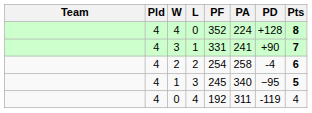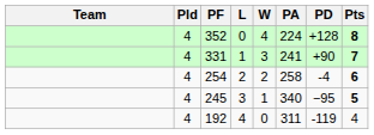 <table class="wikitable" style="text-align:center;">
 <tr>
 <th width=200>Team</th>
 <th width=20>Pld</th>
+<th width=30>PF</th>
+<th width=20>L</th>
 <th width=20>W</th>
-<th width=20>L</th>
-<th width=30>PF</th>
 <th width=30>PA</th>
 <th width=30>PD</th>
 <th width=20>Pts</th>
 </tr>
 <tr bgcolor=ccffcc>
 <td align=left></td>
 <td>4</td>
+<td>352</td>
+<td>0</td>
 <td>4</td>
-<td>0</td>
-<td>352</td>
 <td>224</td>
 <td>+128</td>
 <td><strong>8</strong></td>
 </tr>
 <tr bgcolor=ccffcc>
 <td align=left></td>
 <td>4</td>
+<td>331</td>
+<td>1</td>
 <td>3</td>
-<td>1</td>
-<td>331</td>
 <td>241</td>
 <td>+90</td>
 <td><strong>7</strong></td>
 </tr>
 <tr>
 <td align=left></td>
 <td>4</td>
+<td>254</td>
 <td>2</td>
 <td>2</td>
-<td>254</td>
 <td>258</td>
 <td>-4</td>
 <td><strong>6</strong></td>
 </tr>
 <tr>
 <td align=left></td>
 <td>4</td>
+<td>245</td>
+<td>3</td>
 <td>1</td>
-<td>3</td>
-<td>245</td>
 <td>340</td>
 <td>−95</td>
 <td><strong>5</strong></td>
 </tr>
 <tr>
 <td align=left></td>
 <td>4</td>
+<td>192</td>
+<td>4</td>
 <td>0</td>
-<td>4</td>
-<td>192</td>
 <td>311</td>
 <td>-119</td>
 <td>4</td>
 </tr>
 </table>
